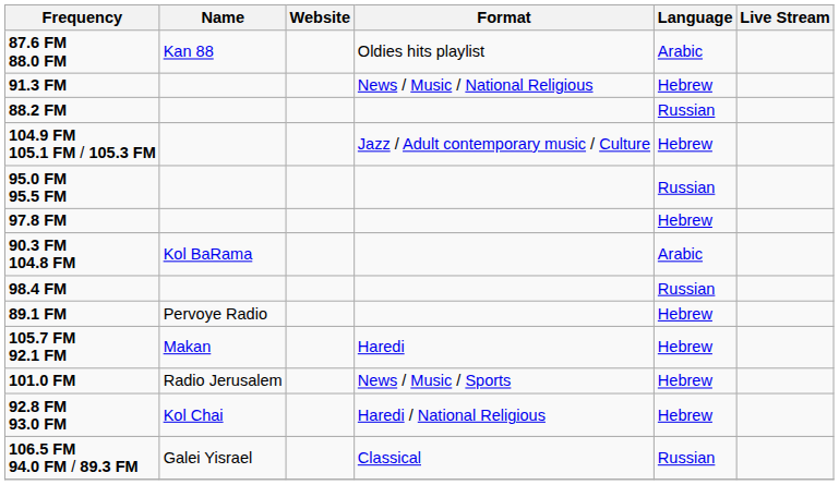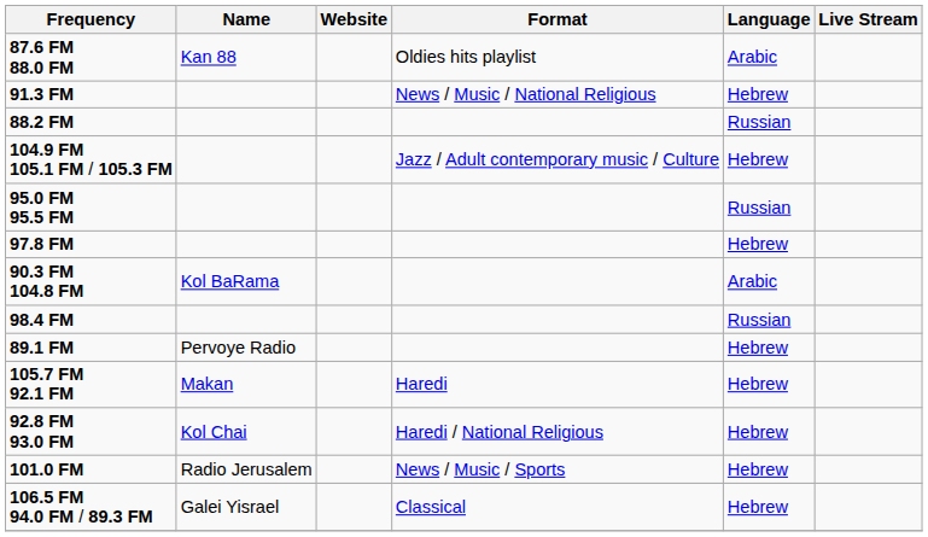 <table class="wikitable" style="font-size: 90%;">
 <tr>
 <th>Frequency</th>
 <th>Name</th>
 <th>Website</th>
 <th>Format</th>
 <th>Language</th>
 <th>Live Stream</th>
 </tr>
 <tr>
 <td><strong>87.6 FM</strong><br><strong>88.0 FM</strong></td>
 <td><a href='#'>Kan 88</a></td>
 <td></td>
 <td>Oldies hits playlist</td>
 <td><a href='#'>Arabic</a></td>
 <td></td>
 </tr>
 <tr>
 <td><strong>91.3 FM</strong></td>
 <td></td>
 <td></td>
 <td><a href='#'>News</a> / <a href='#'>Music</a> / <a href='#'>National Religious</a></td>
 <td><a href='#'>Hebrew</a></td>
 <td></td>
 </tr>
 <tr>
 <td><strong>88.2 FM</strong></td>
 <td></td>
 <td></td>
 <td></td>
 <td><a href='#'>Russian</a></td>
 <td></td>
 </tr>
 <tr>
 <td><strong>104.9 FM</strong><br><strong>105.1 FM</strong> / <strong>105.3 FM</strong></td>
 <td></td>
 <td></td>
 <td><a href='#'>Jazz</a> / <a href='#'>Adult contemporary music</a> / <a href='#'>Culture</a></td>
 <td><a href='#'>Hebrew</a></td>
 <td><br></td>
 </tr>
 <tr>
 <td><strong>95.0 FM</strong><br><strong>95.5 FM</strong></td>
 <td></td>
 <td></td>
 <td></td>
 <td><a href='#'>Russian</a></td>
 <td></td>
 </tr>
 <tr>
 <td><strong>97.8 FM</strong></td>
 <td></td>
 <td></td>
 <td></td>
 <td><a href='#'>Hebrew</a></td>
 <td></td>
 </tr>
 <tr>
 <td><strong>90.3 FM</strong><br><strong>104.8 FM</strong></td>
 <td><a href='#'>Kol BaRama</a></td>
 <td> </td>
 <td></td>
 <td><a href='#'>Arabic</a></td>
 <td> </td>
 </tr>
 <tr>
 <td><strong>98.4 FM</strong></td>
 <td></td>
 <td></td>
 <td></td>
 <td><a href='#'>Russian</a></td>
 <td></td>
 </tr>
 <tr>
 <td><strong>89.1 FM</strong></td>
 <td>Pervoye Radio</td>
 <td></td>
 <td></td>
 <td><a href='#'>Hebrew</a></td>
 <td></td>
 </tr>
 <tr>
 <td><strong>105.7 FM</strong><br><strong>92.1 FM</strong></td>
 <td><a href='#'>Makan</a></td>
 <td></td>
 <td><a href='#'>Haredi</a></td>
 <td><a href='#'>Hebrew</a></td>
 <td></td>
 </tr>
 <tr>
+<td><strong>92.8 FM</strong><br><strong>93.0 FM</strong></td>
+<td><a href='#'>Kol Chai</a></td>
+<td></td>
+<td><a href='#'>Haredi</a> / <a href='#'>National Religious</a></td>
+<td><a href='#'>Hebrew</a></td>
+<td></td>
+</tr>
+<tr>
 <td><strong>101.0 FM</strong></td>
 <td>Radio Jerusalem</td>
 <td></td>
 <td><a href='#'>News</a> / <a href='#'>Music</a> / <a href='#'>Sports</a></td>
 <td><a href='#'>Hebrew</a></td>
 <td> </td>
 </tr>
 <tr>
-<td><strong>92.8 FM</strong><br><strong>93.0 FM</strong></td>
-<td><a href='#'>Kol Chai</a></td>
-<td></td>
-<td><a href='#'>Haredi</a> / <a href='#'>National Religious</a></td>
-<td><a href='#'>Hebrew</a></td>
-<td></td>
-</tr>
-<tr>
 <td><strong>106.5 FM</strong><br><strong>94.0 FM</strong> /  <strong>89.3 FM</strong></td>
 <td>Galei Yisrael</td>
 <td></td>
 <td><a href='#'>Classical</a></td>
-<td><a href='#'>Russian</a></td>
+<td><a href='#'>Hebrew</a></td>
 <td> </td>
 </tr>
 <tr>
 </tr>
 </table>
